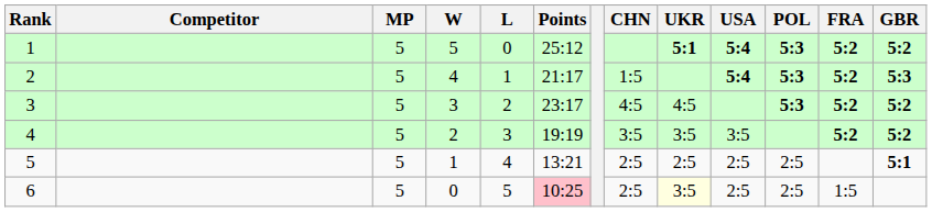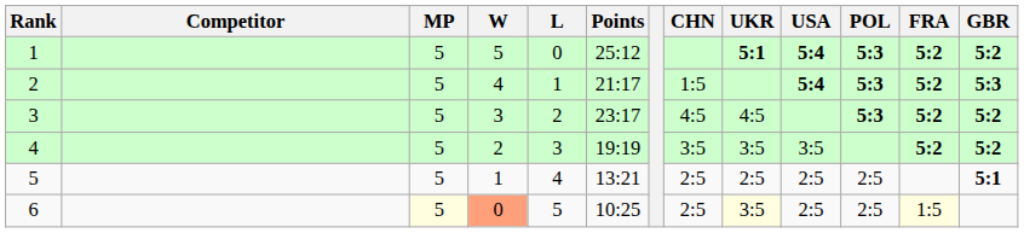 <table class="wikitable" style="text-align:center">
 <tr>
 <th>Rank</th>
 <th style="width:17em">Competitor</th>
 <th style="width:2.5em">MP</th>
 <th style="width:2.5em">W</th>
 <th style="width:2.5em">L</th>
 <th>Points</th>
 <th rowspan="7"> </th>
 <th style="width:2.5em">CHN</th>
 <th style="width:2.5em">UKR</th>
 <th style="width:2.5em">USA</th>
 <th style="width:2.5em">POL</th>
 <th style="width:2.5em">FRA</th>
 <th style="width:2.5em">GBR</th>
 </tr>
 <tr style="background:#cfc;">
 <td>1</td>
 <td style="text-align:left"></td>
 <td>5</td>
 <td>5</td>
 <td>0</td>
 <td>25:12</td>
 <td></td>
 <td><strong>5:1</strong></td>
 <td><strong>5:4</strong></td>
 <td><strong>5:3</strong></td>
 <td><strong>5:2</strong></td>
 <td><strong>5:2</strong></td>
 </tr>
 <tr style="background:#cfc;">
 <td>2</td>
 <td style="text-align:left"></td>
 <td>5</td>
 <td>4</td>
 <td>1</td>
 <td>21:17</td>
 <td>1:5</td>
 <td></td>
 <td><strong>5:4</strong></td>
 <td><strong>5:3</strong></td>
 <td><strong>5:2</strong></td>
 <td><strong>5:3</strong></td>
 </tr>
 <tr style="background:#cfc;">
 <td>3</td>
 <td style="text-align:left"></td>
 <td>5</td>
 <td>3</td>
 <td>2</td>
 <td>23:17</td>
 <td>4:5</td>
 <td>4:5</td>
 <td></td>
 <td><strong>5:3</strong></td>
 <td><strong>5:2</strong></td>
 <td><strong>5:2</strong></td>
 </tr>
 <tr style="background:#cfc;">
 <td>4</td>
 <td style="text-align:left"></td>
 <td>5</td>
 <td>2</td>
 <td>3</td>
 <td>19:19</td>
 <td>3:5</td>
 <td>3:5</td>
 <td>3:5</td>
 <td></td>
 <td><strong>5:2</strong></td>
 <td><strong>5:2</strong></td>
 </tr>
 <tr>
 <td>5</td>
 <td style="text-align:left"></td>
 <td>5</td>
 <td>1</td>
 <td>4</td>
 <td>13:21</td>
 <td>2:5</td>
 <td>2:5</td>
 <td>2:5</td>
 <td>2:5</td>
 <td></td>
 <td><strong>5:1</strong></td>
 </tr>
 <tr>
 <td>6</td>
 <td style="text-align:left"></td>
+<td style="background: lightyellow;">5</td>
+<td style="background: lightsalmon;">0</td>
 <td>5</td>
-<td>0</td>
-<td>5</td>
-<td style="background: pink;">10:25</td>
+<td>10:25</td>
 <td>2:5</td>
 <td style="background: lightyellow;">3:5</td>
 <td>2:5</td>
 <td>2:5</td>
-<td>1:5</td>
+<td style="background: lightyellow;">1:5</td>
 <td></td>
 </tr>
 </table>
